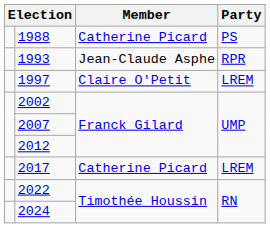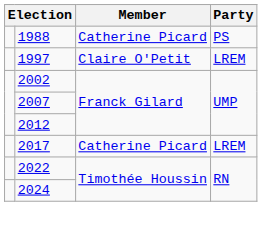 <table class="wikitable">
 <tr>
 <th colspan="2">Election</th>
 <th>Member</th>
 <th>Party</th>
 </tr>
 <tr>
 <td style="color:inherit;background-color:"></td>
 <td><a href='#'>1988</a></td>
 <td><a href='#'>Catherine Picard</a></td>
 <td><a href='#'>PS</a></td>
-</tr>
-<tr>
-<td style="color:inherit;background-color:"></td>
-<td><a href='#'>1993</a></td>
-<td>Jean-Claude Asphe</td>
-<td><a href='#'>RPR</a></td>
 </tr>
 <tr>
 <td style="color:inherit;background-color:"></td>
 <td><a href='#'>1997</a></td>
 <td><a href='#'>Claire O'Petit</a></td>
 <td><a href='#'>LREM</a></td>
 </tr>
 <tr>
 <td rowspan="3" style="color:inherit;background-color:"></td>
 <td><a href='#'>2002</a></td>
 <td rowspan="3"><a href='#'>Franck Gilard</a></td>
 <td rowspan="3"><a href='#'>UMP</a></td>
 </tr>
 <tr>
 <td><a href='#'>2007</a></td>
 </tr>
 <tr>
 <td><a href='#'>2012</a></td>
 </tr>
 <tr>
 <td style="color:inherit;background-color: "></td>
 <td><a href='#'>2017</a></td>
 <td><a href='#'>Catherine Picard</a></td>
 <td><a href='#'>LREM</a></td>
 </tr>
 <tr>
 <td style="color:inherit;background-color: "></td>
 <td><a href='#'>2022</a></td>
 <td rowspan="2"><a href='#'>Timothée Houssin</a></td>
 <td rowspan="2"><a href='#'>RN</a></td>
 </tr>
 <tr>
 <td style="color:inherit;background-color: "></td>
 <td><a href='#'>2024</a></td>
 </tr>
 </table>
